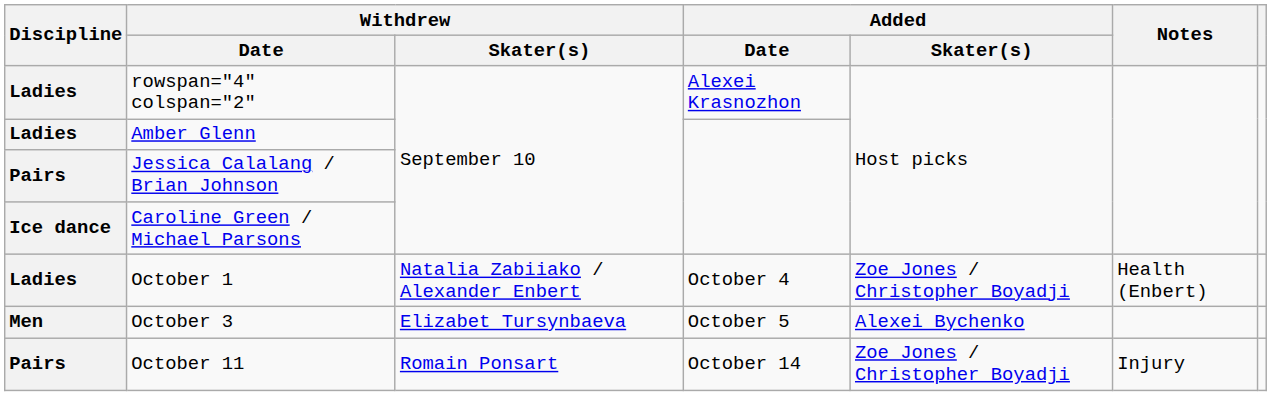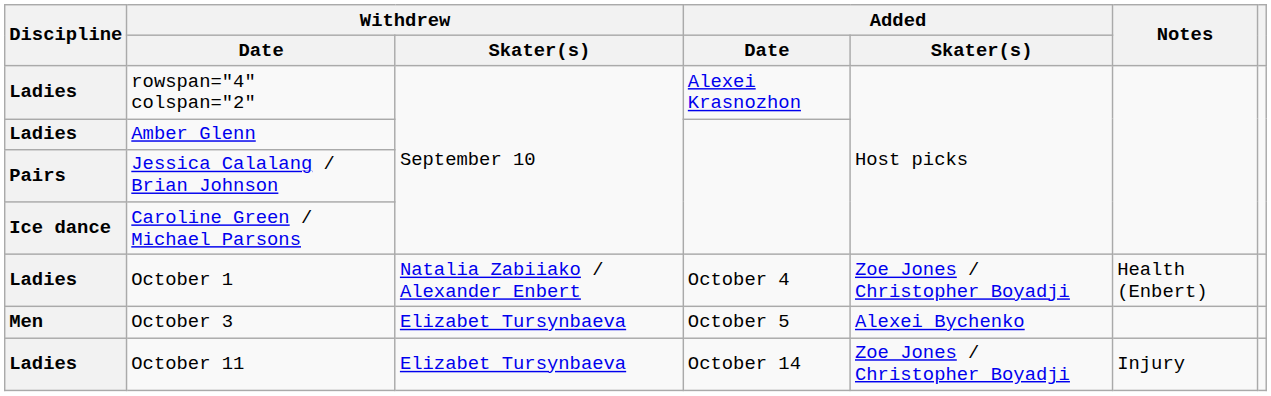 <table class="wikitable unsortable">
 <tr>
 <th scope="col" rowspan=2>Discipline</th>
 <th scope="col" colspan=2>Withdrew</th>
 <th scope="col" colspan=2>Added</th>
 <th scope="col" rowspan=2>Notes</th>
 <th scope="col" rowspan=2></th>
 </tr>
 <tr>
 <th>Date</th>
 <th>Skater(s)</th>
 <th>Date</th>
 <th>Skater(s)</th>
 </tr>
 <tr>
 <th scope="row" style="text-align:left">Ladies</th>
 <td>rowspan="4" colspan="2" </td>
 <td rowspan="4">September 10</td>
 <td> <a href='#'>Alexei Krasnozhon</a></td>
 <td rowspan=4>Host picks</td>
 <td rowspan=4></td>
 </tr>
 <tr>
 <th scope="row" style="text-align:left">Ladies</th>
 <td> <a href='#'>Amber Glenn</a></td>
 </tr>
 <tr>
 <th scope="row" style="text-align:left">Pairs</th>
 <td> <a href='#'>Jessica Calalang</a> / <a href='#'>Brian Johnson</a></td>
 </tr>
 <tr>
 <th scope="row" style="text-align:left">Ice dance</th>
 <td> <a href='#'>Caroline Green</a> / <a href='#'>Michael Parsons</a></td>
 </tr>
 <tr>
 <th scope="row" style="text-align:left">Ladies</th>
 <td>October 1</td>
 <td> <a href='#'>Natalia Zabiiako</a> / <a href='#'>Alexander Enbert</a></td>
 <td>October 4</td>
 <td> <a href='#'>Zoe Jones</a> / <a href='#'>Christopher Boyadji</a></td>
 <td>Health (Enbert)</td>
 <td></td>
 </tr>
 <tr>
 <th scope="row" style="text-align:left">Men</th>
 <td>October 3</td>
 <td> <a href='#'>Elizabet Tursynbaeva</a></td>
 <td>October 5</td>
 <td> <a href='#'>Alexei Bychenko</a></td>
 <td></td>
 <td></td>
 </tr>
 <tr>
-<th scope="row" style="text-align:left">Pairs</th>
+<th scope="row" style="text-align:left">Ladies</th>
 <td>October 11</td>
-<td> <a href='#'>Romain Ponsart</a></td>
+<td> <a href='#'>Elizabet Tursynbaeva</a></td>
 <td>October 14</td>
 <td> <a href='#'>Zoe Jones</a> / <a href='#'>Christopher Boyadji</a></td>
 <td>Injury</td>
 <td></td>
 </tr>
 </table>
